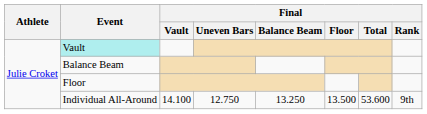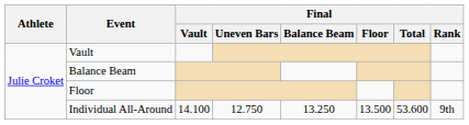 <table class="wikitable" border="1" style="font-size:90%">
 <tr>
 <th rowspan="2">Athlete</th>
 <th rowspan="2">Event</th>
 <th colspan="6">Final</th>
 </tr>
 <tr>
 <th>Vault</th>
 <th>Uneven Bars</th>
 <th>Balance Beam</th>
 <th>Floor</th>
 <th>Total</th>
 <th>Rank</th>
 </tr>
 <tr>
 <td rowspan=4><a href='#'>Julie Croket</a></td>
-<td style="background: paleturquoise;">Vault</td>
+<td>Vault</td>
 <td align=center></td>
 <td colspan="4" bgcolor="wheat"></td>
 <td align=center></td>
 </tr>
 <tr>
 <td>Balance Beam</td>
 <td colspan="2" bgcolor="wheat"></td>
 <td align=center></td>
 <td colspan="2" bgcolor="wheat"></td>
 <td align=center></td>
 </tr>
 <tr>
 <td>Floor</td>
 <td colspan="3" bgcolor="wheat"></td>
 <td align=center></td>
 <td bgcolor="wheat"></td>
 <td align=center></td>
 </tr>
 <tr>
 <td>Individual All-Around</td>
 <td align=center>14.100</td>
 <td align=center>12.750</td>
 <td align=center>13.250</td>
 <td align=center>13.500</td>
 <td align=center>53.600</td>
 <td align=center>9th</td>
 </tr>
 </table>
